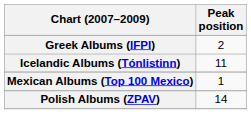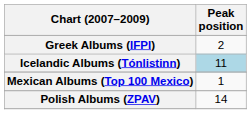 <table class="wikitable sortable plainrowheaders">
 <tr>
 <th>Chart (2007–2009)</th>
 <th>Peak<br>position</th>
 </tr>
 <tr>
 </tr>
 <tr>
 </tr>
 <tr>
 </tr>
 <tr>
 </tr>
 <tr>
 </tr>
 <tr>
 </tr>
 <tr>
 </tr>
 <tr>
 <th scope="row">Greek Albums (<a href='#'>IFPI</a>)</th>
 <td style="text-align:center;">2</td>
 </tr>
 <tr>
 <th scope="row">Icelandic Albums (<a href='#'>Tónlistinn</a>)</th>
-<td style="text-align:center;">11</td>
+<td style="background: lightblue; text-align:center;">11</td>
 </tr>
 <tr>
 </tr>
 <tr>
 </tr>
 <tr>
 <th scope="row">Mexican Albums (<a href='#'>Top 100 Mexico</a>)</th>
 <td style="text-align:center;">1</td>
 </tr>
 <tr>
 </tr>
 <tr>
 <th scope="row">Polish Albums (<a href='#'>ZPAV</a>)</th>
 <td style="text-align:center;">14</td>
 </tr>
 <tr>
 </tr>
 <tr>
 </tr>
 <tr>
 </tr>
 <tr>
 </tr>
 <tr>
 </tr>
 <tr>
 </tr>
 <tr>
 </tr>
 </table>
